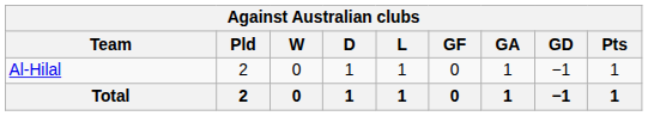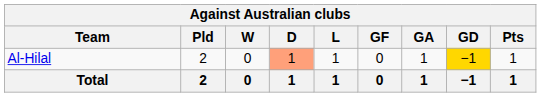 <table class="wikitable" style="width:70%; text-align:center;">
 <tr>
 <th colspan=9>Against Australian clubs</th>
 </tr>
 <tr>
 <th style="width:20%;">Team</th>
 <th width=5%>Pld</th>
 <th width=5%>W</th>
 <th width=5%>D</th>
 <th width=5%>L</th>
 <th width=5%>GF</th>
 <th width=5%>GA</th>
 <th width=5%>GD</th>
 <th width=5%>Pts</th>
 </tr>
 <tr>
 <td align=left> <a href='#'>Al-Hilal</a></td>
 <td>2</td>
 <td>0</td>
-<td>1</td>
+<td style="background: lightsalmon;">1</td>
 <td>1</td>
 <td>0</td>
 <td>1</td>
-<td>−1</td>
+<td style="background: gold;">−1</td>
 <td>1</td>
 </tr>
 <tr>
 <th>Total</th>
 <th>2</th>
 <th>0</th>
 <th>1</th>
 <th>1</th>
 <th>0</th>
 <th>1</th>
 <th>−1</th>
 <th>1</th>
 </tr>
 </table>
